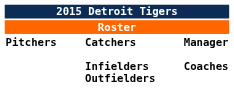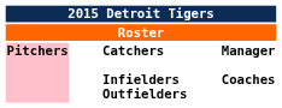 <table class="toccolours" style="font-size: 95%;">
 <tr>
 <th colspan="10" style="background-color: #0C2C56; color: white; text-align: center;">2015 Detroit Tigers</th>
 </tr>
 <tr>
 <td colspan="10" style="background-color: #FF6600; color: white; text-align: center;"><strong>Roster</strong></td>
 </tr>
 <tr>
-<td valign="top"><strong>Pitchers</strong><br>                         </td>
+<td valign="top" style="background: pink;"><strong>Pitchers</strong><br>                         </td>
 <td width="25px"></td>
 <td valign="top"><strong>Catchers</strong><br>  <br><strong>Infielders</strong>           <br><strong>Outfielders</strong>       </td>
 <td width="25px"></td>
 <td valign="top"><strong>Manager</strong><br><br><strong>Coaches</strong>               </td>
 </tr>
 </table>
